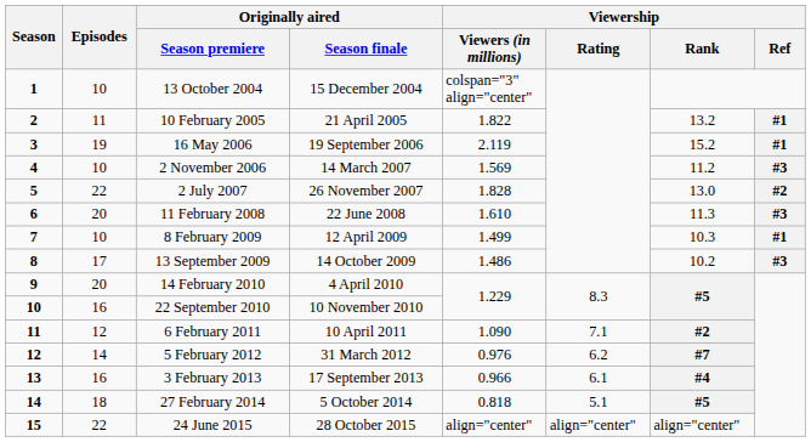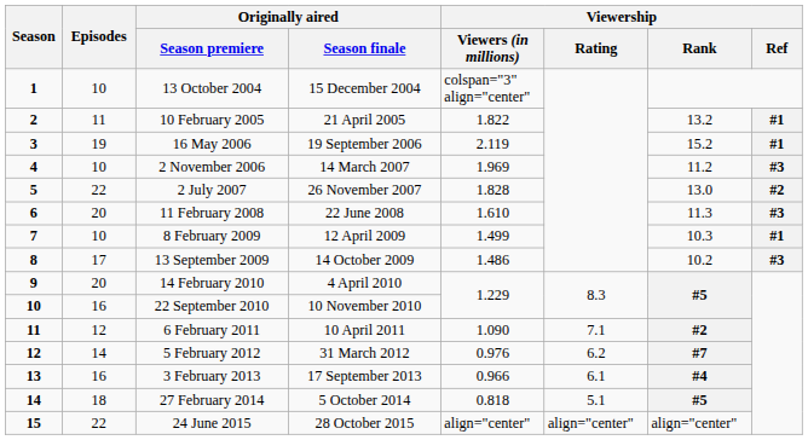 <table class="wikitable">
 <tr>
 <th rowspan="2" width=3%>Season</th>
 <th rowspan="2" width=5%>Episodes</th>
 <th colspan="2">Originally aired</th>
 <th colspan="4">Viewership</th>
 </tr>
 <tr>
 <th width=15%><a href='#'>Season premiere</a></th>
 <th width=15%><a href='#'>Season finale</a></th>
 <th width=5%>Viewers <em>(in millions)</em></th>
 <th width=5%>Rating</th>
 <th width=5%>Rank</th>
 <th width=5%>Ref</th>
 </tr>
 <tr>
 <td align="center"><strong>1</strong></td>
 <td align="center">10</td>
 <td align="center">13 October 2004</td>
 <td align="center">15 December 2004</td>
 <td>colspan="3" align="center" </td>
 <td rowspan="8" align="center"></td>
 </tr>
 <tr>
 <td align="center"><strong>2</strong></td>
 <td align="center">11</td>
 <td align="center">10 February 2005</td>
 <td align="center">21 April 2005</td>
 <td align="center">1.822</td>
 <td align="center">13.2</td>
 <th align="center">#1</th>
 </tr>
 <tr>
 <td align="center"><strong>3</strong></td>
 <td align="center">19</td>
 <td align="center">16 May 2006</td>
 <td align="center">19 September 2006</td>
 <td align="center">2.119</td>
 <td align="center">15.2</td>
 <th align="center">#1</th>
 </tr>
 <tr>
 <td align="center"><strong>4</strong></td>
 <td align="center">10</td>
 <td align="center">2 November 2006</td>
 <td align="center">14 March 2007</td>
-<td align="center">1.569</td>
+<td align="center">1.969</td>
 <td align="center">11.2</td>
 <th align="center">#3</th>
 </tr>
 <tr>
 <td align="center"><strong>5</strong></td>
 <td align="center">22</td>
 <td align="center">2 July 2007</td>
 <td align="center">26 November 2007</td>
 <td align="center">1.828</td>
 <td align="center">13.0</td>
 <th align="center">#2</th>
 </tr>
 <tr>
 <td align="center"><strong>6</strong></td>
 <td align="center">20</td>
 <td align="center">11 February 2008</td>
 <td align="center">22 June 2008</td>
 <td align="center">1.610</td>
 <td align="center">11.3</td>
 <th align="center">#3</th>
 </tr>
 <tr>
 <td align="center"><strong>7</strong></td>
 <td align="center">10</td>
 <td align="center">8 February 2009</td>
 <td align="center">12 April 2009</td>
 <td align="center">1.499</td>
 <td align="center">10.3</td>
 <th align="center">#1</th>
 </tr>
 <tr>
 <td align="center"><strong>8</strong></td>
 <td align="center">17</td>
 <td align="center">13 September 2009</td>
 <td align="center">14 October 2009</td>
 <td align="center">1.486</td>
 <td align="center">10.2</td>
 <th align="center">#3</th>
 </tr>
 <tr>
 <td align="center"><strong>9</strong></td>
 <td align="center">20</td>
 <td align="center">14 February 2010</td>
 <td align="center">4 April 2010</td>
 <td rowspan="2" align="center">1.229</td>
 <td rowspan="2" align="center">8.3</td>
 <th rowspan="2" align="center">#5</th>
 <td rowspan="7" align="center"></td>
 </tr>
 <tr>
 <td align="center"><strong>10</strong></td>
 <td align="center">16</td>
 <td align="center">22 September 2010</td>
 <td align="center">10 November 2010</td>
 </tr>
 <tr>
 <td align="center"><strong>11</strong></td>
 <td align="center">12</td>
 <td align="center">6 February 2011</td>
 <td align="center">10 April 2011</td>
 <td align="center">1.090</td>
 <td align="center">7.1</td>
 <th align="center">#2</th>
 </tr>
 <tr>
 <td align="center"><strong>12</strong></td>
 <td align="center">14</td>
 <td align="center">5 February 2012</td>
 <td align="center">31 March 2012</td>
 <td align="center">0.976</td>
 <td align="center">6.2</td>
 <th align="center">#7</th>
 </tr>
 <tr>
 <td align="center"><strong>13</strong></td>
 <td align="center">16</td>
 <td align="center">3 February 2013</td>
 <td align="center">17 September 2013</td>
 <td align="center">0.966</td>
 <td align="center">6.1</td>
 <th align="center">#4</th>
 </tr>
 <tr>
 <td align="center"><strong>14</strong></td>
 <td align="center">18</td>
 <td align="center">27 February 2014</td>
 <td align="center">5 October 2014</td>
 <td align="center">0.818</td>
 <td align="center">5.1</td>
 <th align="center">#5</th>
 </tr>
 <tr>
 <td align="center"><strong>15</strong></td>
 <td align="center">22</td>
 <td align="center">24 June 2015</td>
 <td align="center">28 October 2015</td>
 <td>align="center" </td>
 <td>align="center" </td>
 <td>align="center" </td>
 </tr>
 </table>
